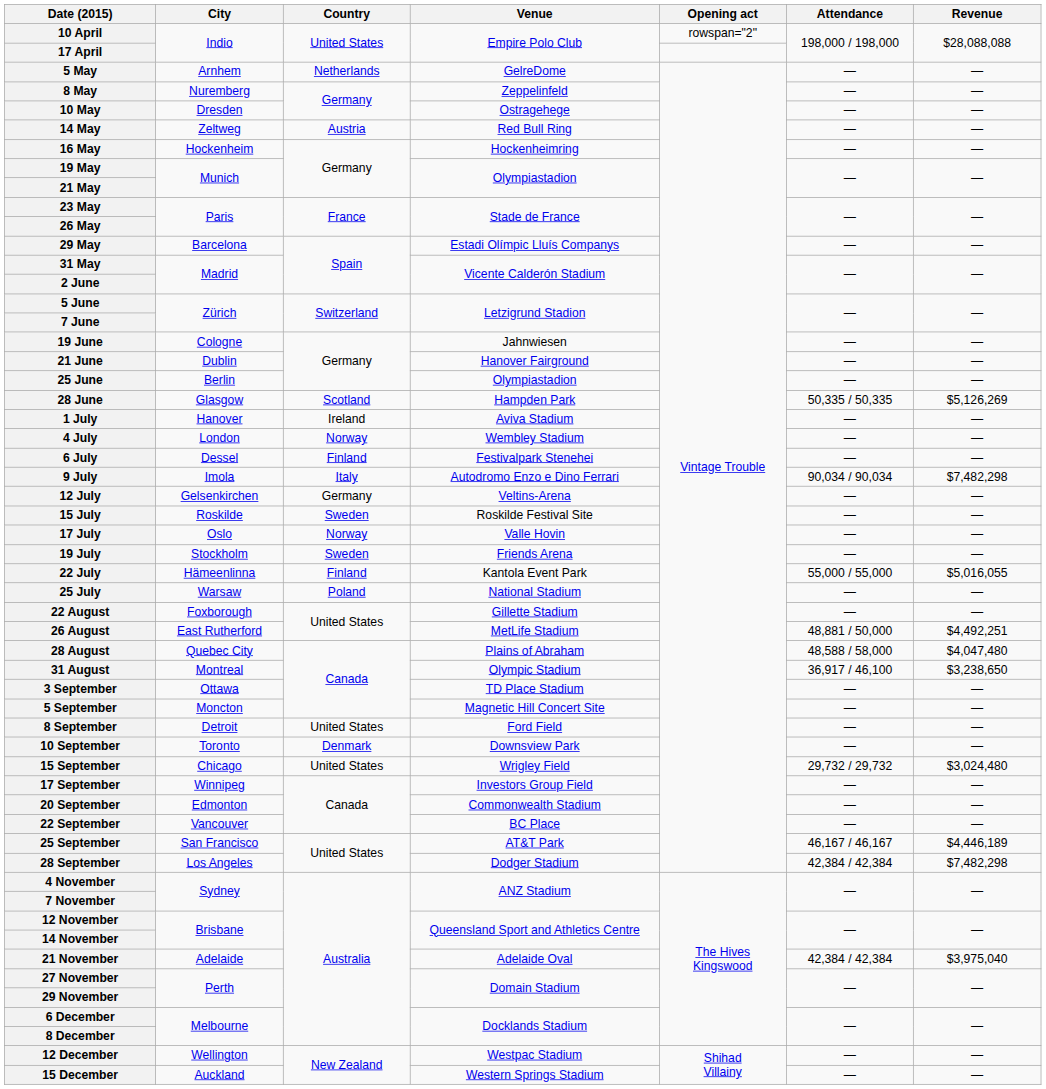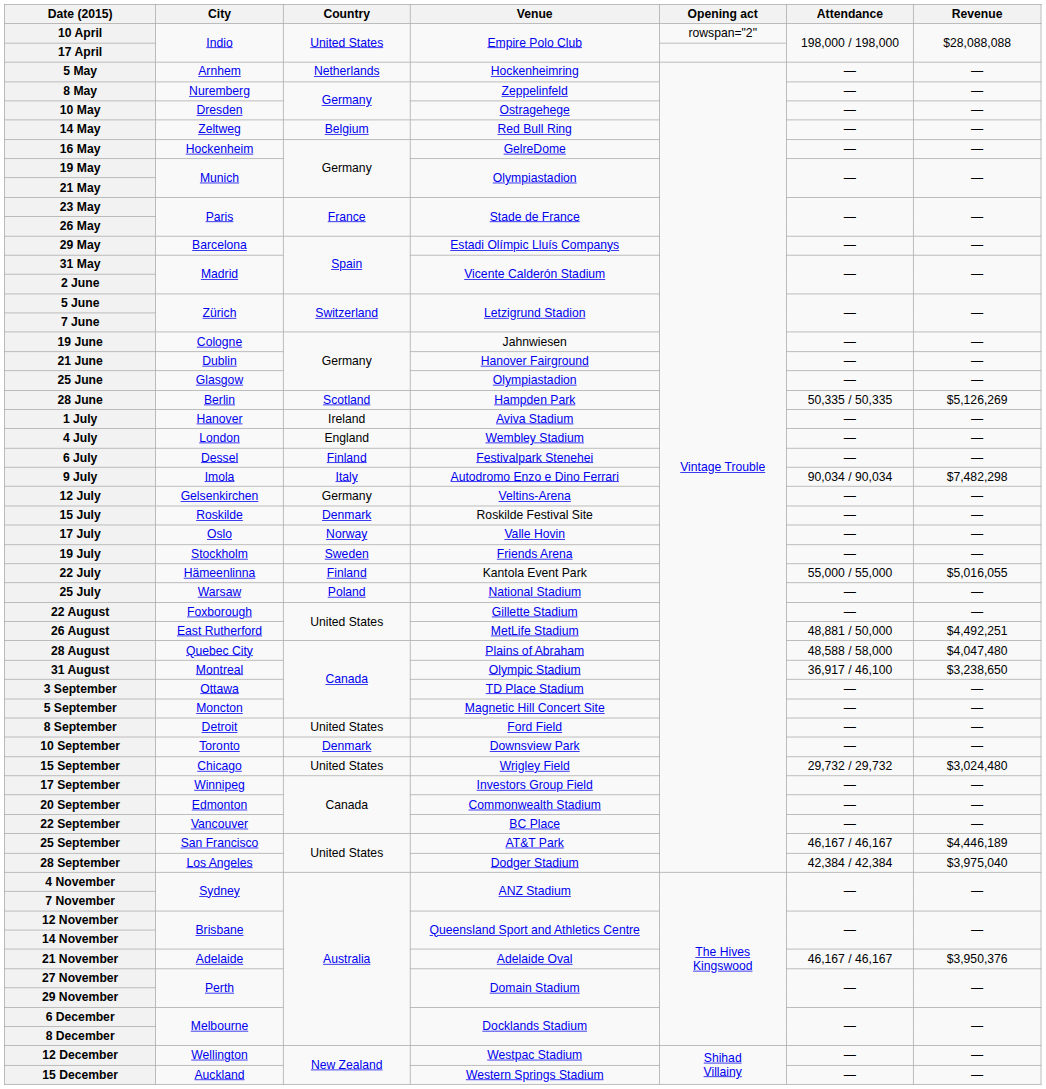 <table class="wikitable plainrowheaders" style="text-align:center;">
 <tr>
 <th scope="col" style="width:12em;">Date (2015)</th>
 <th scope="col" style="width:10em;">City</th>
 <th scope="col" style="width:10em;">Country</th>
 <th scope="col" style="width:20em;">Venue</th>
 <th scope="col" style="width:10em;">Opening act</th>
 <th scope="col" style="width:10em;">Attendance</th>
 <th scope="col" style="width:10em;">Revenue</th>
 </tr>
 <tr>
 <th scope="row" style="text-align:center;">10 April</th>
 <td rowspan="2"><a href='#'>Indio</a></td>
 <td rowspan="2"><a href='#'>United States</a></td>
 <td rowspan="2"><a href='#'>Empire Polo Club</a></td>
 <td>rowspan="2" </td>
 <td rowspan="2">198,000 / 198,000</td>
 <td rowspan="2">$28,088,088</td>
 </tr>
 <tr>
 <th scope="row" style="text-align:center;">17 April</th>
 </tr>
 <tr>
 <th scope="row" style="text-align:center;">5 May</th>
 <td><a href='#'>Arnhem</a></td>
 <td><a href='#'>Netherlands</a></td>
-<td><a href='#'>GelreDome</a></td>
+<td><a href='#'>Hockenheimring</a></td>
 <td rowspan="42"><a href='#'>Vintage Trouble</a></td>
 <td>—</td>
 <td>—</td>
 </tr>
 <tr>
 <th scope="row" style="text-align:center;">8 May</th>
 <td><a href='#'>Nuremberg</a></td>
 <td rowspan="2"><a href='#'>Germany</a></td>
 <td><a href='#'>Zeppelinfeld</a></td>
 <td>—</td>
 <td>—</td>
 </tr>
 <tr>
 <th scope="row" style="text-align:center;">10 May</th>
 <td><a href='#'>Dresden</a></td>
 <td><a href='#'>Ostragehege</a></td>
 <td>—</td>
 <td>—</td>
 </tr>
 <tr>
 <th scope="row" style="text-align:center;">14 May</th>
 <td><a href='#'>Zeltweg</a></td>
-<td><a href='#'>Austria</a></td>
+<td><a href='#'>Belgium</a></td>
 <td><a href='#'>Red Bull Ring</a></td>
 <td>—</td>
 <td>—</td>
 </tr>
 <tr>
 <th scope="row" style="text-align:center;">16 May</th>
 <td><a href='#'>Hockenheim</a></td>
 <td rowspan="3">Germany</td>
-<td><a href='#'>Hockenheimring</a></td>
+<td><a href='#'>GelreDome</a></td>
 <td>—</td>
 <td>—</td>
 </tr>
 <tr>
 <th scope="row" style="text-align:center;">19 May</th>
 <td rowspan="2"><a href='#'>Munich</a></td>
 <td rowspan="2"><a href='#'>Olympiastadion</a></td>
 <td rowspan="2">—</td>
 <td rowspan="2">—</td>
 </tr>
 <tr>
 <th scope="row" style="text-align:center;">21 May</th>
 </tr>
 <tr>
 <th scope="row" style="text-align:center;">23 May</th>
 <td rowspan="2"><a href='#'>Paris</a></td>
 <td rowspan="2"><a href='#'>France</a></td>
 <td rowspan="2"><a href='#'>Stade de France</a></td>
 <td rowspan="2">—</td>
 <td rowspan="2">—</td>
 </tr>
 <tr>
 <th scope="row" style="text-align:center;">26 May</th>
 </tr>
 <tr>
 <th scope="row" style="text-align:center;">29 May</th>
 <td><a href='#'>Barcelona</a></td>
 <td rowspan="3"><a href='#'>Spain</a></td>
 <td><a href='#'>Estadi Olímpic Lluís Companys</a></td>
 <td>—</td>
 <td>—</td>
 </tr>
 <tr>
 <th scope="row" style="text-align:center;">31 May</th>
 <td rowspan="2"><a href='#'>Madrid</a></td>
 <td rowspan="2"><a href='#'>Vicente Calderón Stadium</a></td>
 <td rowspan="2">—</td>
 <td rowspan="2">—</td>
 </tr>
 <tr>
 <th scope="row" style="text-align:center;">2 June</th>
 </tr>
 <tr>
 <th scope="row" style="text-align:center;">5 June</th>
 <td rowspan="2"><a href='#'>Zürich</a></td>
 <td rowspan="2"><a href='#'>Switzerland</a></td>
 <td rowspan="2"><a href='#'>Letzigrund Stadion</a></td>
 <td rowspan="2">—</td>
 <td rowspan="2">—</td>
 </tr>
 <tr>
 <th scope="row" style="text-align:center;">7 June</th>
 </tr>
 <tr>
 <th scope="row" style="text-align:center;">19 June</th>
 <td><a href='#'>Cologne</a></td>
 <td rowspan="3">Germany</td>
 <td>Jahnwiesen</td>
 <td>—</td>
 <td>—</td>
 </tr>
 <tr>
 <th scope="row" style="text-align:center;">21 June</th>
 <td><a href='#'>Dublin</a></td>
 <td><a href='#'>Hanover Fairground</a></td>
 <td>—</td>
 <td>—</td>
 </tr>
 <tr>
 <th scope="row" style="text-align:center;">25 June</th>
-<td><a href='#'>Berlin</a></td>
+<td><a href='#'>Glasgow</a></td>
 <td><a href='#'>Olympiastadion</a></td>
 <td>—</td>
 <td>—</td>
 </tr>
 <tr>
 <th scope="row" style="text-align:center;">28 June</th>
-<td><a href='#'>Glasgow</a></td>
+<td><a href='#'>Berlin</a></td>
 <td><a href='#'>Scotland</a></td>
 <td><a href='#'>Hampden Park</a></td>
 <td>50,335 / 50,335</td>
 <td>$5,126,269</td>
 </tr>
 <tr>
 <th scope="row" style="text-align:center;">1 July</th>
 <td><a href='#'>Hanover</a></td>
 <td>Ireland</td>
 <td><a href='#'>Aviva Stadium</a></td>
 <td>—</td>
 <td>—</td>
 </tr>
 <tr>
 <th scope="row" style="text-align:center;">4 July</th>
 <td><a href='#'>London</a></td>
-<td><a href='#'>Norway</a></td>
+<td>England</td>
 <td><a href='#'>Wembley Stadium</a></td>
 <td>—</td>
 <td>—</td>
 </tr>
 <tr>
 <th scope="row" style="text-align:center;">6 July</th>
 <td><a href='#'>Dessel</a></td>
 <td><a href='#'>Finland</a></td>
 <td><a href='#'>Festivalpark Stenehei</a></td>
 <td>—</td>
 <td>—</td>
 </tr>
 <tr>
 <th scope="row" style="text-align:center;">9 July</th>
 <td><a href='#'>Imola</a></td>
 <td><a href='#'>Italy</a></td>
 <td><a href='#'>Autodromo Enzo e Dino Ferrari</a></td>
 <td>90,034 / 90,034</td>
 <td>$7,482,298</td>
 </tr>
 <tr>
 <th scope="row" style="text-align:center;">12 July</th>
 <td><a href='#'>Gelsenkirchen</a></td>
 <td>Germany</td>
 <td><a href='#'>Veltins-Arena</a></td>
 <td>—</td>
 <td>—</td>
 </tr>
 <tr>
 <th scope="row" style="text-align:center;">15 July</th>
 <td><a href='#'>Roskilde</a></td>
-<td><a href='#'>Sweden</a></td>
+<td><a href='#'>Denmark</a></td>
 <td>Roskilde Festival Site</td>
 <td>—</td>
 <td>—</td>
 </tr>
 <tr>
 <th scope="row" style="text-align:center;">17 July</th>
 <td><a href='#'>Oslo</a></td>
 <td><a href='#'>Norway</a></td>
 <td><a href='#'>Valle Hovin</a></td>
 <td>—</td>
 <td>—</td>
 </tr>
 <tr>
 <th scope="row" style="text-align:center;">19 July</th>
 <td><a href='#'>Stockholm</a></td>
 <td><a href='#'>Sweden</a></td>
 <td><a href='#'>Friends Arena</a></td>
 <td>—</td>
 <td>—</td>
 </tr>
 <tr>
 <th scope="row" style="text-align:center;">22 July</th>
 <td><a href='#'>Hämeenlinna</a></td>
 <td><a href='#'>Finland</a></td>
 <td>Kantola Event Park</td>
 <td>55,000 / 55,000</td>
 <td>$5,016,055</td>
 </tr>
 <tr>
 <th scope="row" style="text-align:center;">25 July</th>
 <td><a href='#'>Warsaw</a></td>
 <td><a href='#'>Poland</a></td>
 <td><a href='#'>National Stadium</a></td>
 <td>—</td>
 <td>—</td>
 </tr>
 <tr>
 <th scope="row" style="text-align:center;">22 August</th>
 <td><a href='#'>Foxborough</a></td>
 <td rowspan="2">United States</td>
 <td><a href='#'>Gillette Stadium</a></td>
 <td>—</td>
 <td>—</td>
 </tr>
 <tr>
 <th scope="row" style="text-align:center;">26 August</th>
 <td><a href='#'>East Rutherford</a></td>
 <td><a href='#'>MetLife Stadium</a></td>
 <td>48,881 / 50,000</td>
 <td>$4,492,251</td>
 </tr>
 <tr>
 <th scope="row" style="text-align:center;">28 August</th>
 <td><a href='#'>Quebec City</a></td>
 <td rowspan="4"><a href='#'>Canada</a></td>
 <td><a href='#'>Plains of Abraham</a></td>
 <td>48,588 / 58,000</td>
 <td>$4,047,480</td>
 </tr>
 <tr>
 <th scope="row" style="text-align:center;">31 August</th>
 <td><a href='#'>Montreal</a></td>
 <td><a href='#'>Olympic Stadium</a></td>
 <td>36,917 / 46,100</td>
 <td>$3,238,650</td>
 </tr>
 <tr>
 <th scope="row" style="text-align:center;">3 September</th>
 <td><a href='#'>Ottawa</a></td>
 <td><a href='#'>TD Place Stadium</a></td>
 <td>—</td>
 <td>—</td>
 </tr>
 <tr>
 <th scope="row" style="text-align:center;">5 September</th>
 <td><a href='#'>Moncton</a></td>
 <td><a href='#'>Magnetic Hill Concert Site</a></td>
 <td>—</td>
 <td>—</td>
 </tr>
 <tr>
 <th scope="row" style="text-align:center;">8 September</th>
 <td><a href='#'>Detroit</a></td>
 <td>United States</td>
 <td><a href='#'>Ford Field</a></td>
 <td>—</td>
 <td>—</td>
 </tr>
 <tr>
 <th scope="row" style="text-align:center;">10 September</th>
 <td><a href='#'>Toronto</a></td>
 <td><a href='#'>Denmark</a></td>
 <td><a href='#'>Downsview Park</a></td>
 <td>—</td>
 <td>—</td>
 </tr>
 <tr>
 <th scope="row" style="text-align:center;">15 September</th>
 <td><a href='#'>Chicago</a></td>
 <td>United States</td>
 <td><a href='#'>Wrigley Field</a></td>
 <td>29,732 / 29,732</td>
 <td>$3,024,480</td>
 </tr>
 <tr>
 <th scope="row" style="text-align:center;">17 September</th>
 <td><a href='#'>Winnipeg</a></td>
 <td rowspan="3">Canada</td>
 <td><a href='#'>Investors Group Field</a></td>
 <td>—</td>
 <td>—</td>
 </tr>
 <tr>
 <th scope="row" style="text-align:center;">20 September</th>
 <td><a href='#'>Edmonton</a></td>
 <td><a href='#'>Commonwealth Stadium</a></td>
 <td>—</td>
 <td>—</td>
 </tr>
 <tr>
 <th scope="row" style="text-align:center;">22 September</th>
 <td><a href='#'>Vancouver</a></td>
 <td><a href='#'>BC Place</a></td>
 <td>—</td>
 <td>—</td>
 </tr>
 <tr>
 <th scope="row" style="text-align:center;">25 September</th>
 <td><a href='#'>San Francisco</a></td>
 <td rowspan="2">United States</td>
 <td><a href='#'>AT&T Park</a></td>
 <td>46,167 / 46,167</td>
 <td>$4,446,189</td>
 </tr>
 <tr>
 <th scope="row" style="text-align:center;">28 September</th>
 <td><a href='#'>Los Angeles</a></td>
 <td><a href='#'>Dodger Stadium</a></td>
 <td>42,384 / 42,384</td>
-<td>$7,482,298</td>
+<td>$3,975,040</td>
 </tr>
 <tr>
 <th scope="row" style="text-align:center;">4 November</th>
 <td rowspan="2"><a href='#'>Sydney</a></td>
 <td rowspan="9"><a href='#'>Australia</a></td>
 <td rowspan="2"><a href='#'>ANZ Stadium</a></td>
 <td rowspan="9"><a href='#'>The Hives</a><br><a href='#'>Kingswood</a></td>
 <td rowspan="2">—</td>
 <td rowspan="2">—</td>
 </tr>
 <tr>
 <th scope="row" style="text-align:center;">7 November</th>
 </tr>
 <tr>
 <th scope="row" style="text-align:center;">12 November</th>
 <td rowspan="2"><a href='#'>Brisbane</a></td>
 <td rowspan="2"><a href='#'>Queensland Sport and Athletics Centre</a></td>
 <td rowspan="2">—</td>
 <td rowspan="2">—</td>
 </tr>
 <tr>
 <th scope="row" style="text-align:center;">14 November</th>
 </tr>
 <tr>
 <th scope="row" style="text-align:center;">21 November</th>
 <td><a href='#'>Adelaide</a></td>
 <td><a href='#'>Adelaide Oval</a></td>
-<td>42,384 / 42,384</td>
-<td>$3,975,040</td>
+<td>46,167 / 46,167</td>
+<td>$3,950,376</td>
 </tr>
 <tr>
 <th scope="row" style="text-align:center;">27 November</th>
 <td rowspan="2"><a href='#'>Perth</a></td>
 <td rowspan="2"><a href='#'>Domain Stadium</a></td>
 <td rowspan="2">—</td>
 <td rowspan="2">—</td>
 </tr>
 <tr>
 <th scope="row" style="text-align:center;">29 November</th>
 </tr>
 <tr>
 <th scope="row" style="text-align:center;">6 December</th>
 <td rowspan="2"><a href='#'>Melbourne</a></td>
 <td rowspan="2"><a href='#'>Docklands Stadium</a></td>
 <td rowspan="2">—</td>
 <td rowspan="2">—</td>
 </tr>
 <tr>
 <th scope="row" style="text-align:center;">8 December</th>
 </tr>
 <tr>
 <th scope="row" style="text-align:center;">12 December</th>
 <td><a href='#'>Wellington</a></td>
 <td rowspan="2"><a href='#'>New Zealand</a></td>
 <td><a href='#'>Westpac Stadium</a></td>
 <td rowspan="2"><a href='#'>Shihad</a><br><a href='#'>Villainy</a></td>
 <td>—</td>
 <td>—</td>
 </tr>
 <tr>
 <th scope="row" style="text-align:center;">15 December</th>
 <td><a href='#'>Auckland</a></td>
 <td><a href='#'>Western Springs Stadium</a></td>
 <td>—</td>
 <td>—</td>
 </tr>
 </table>
